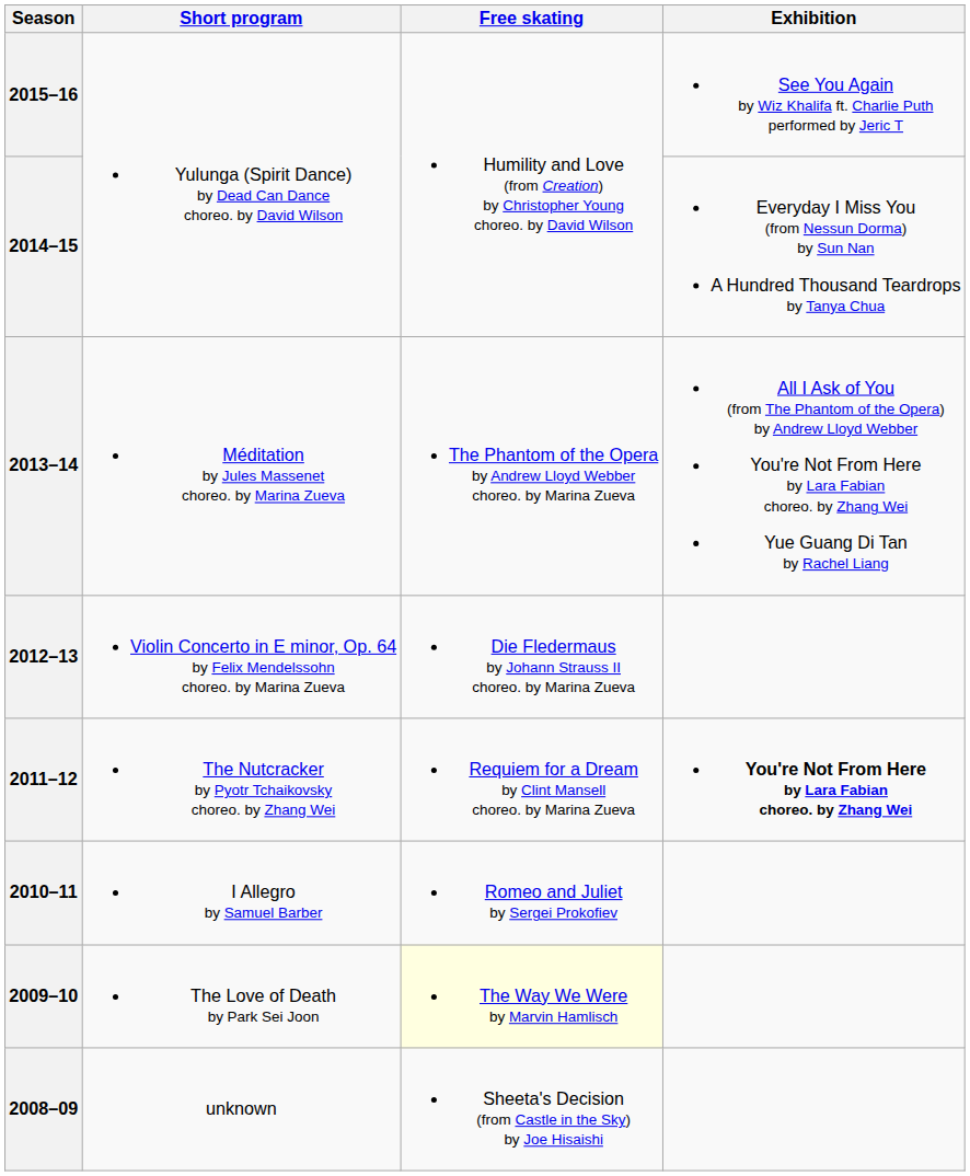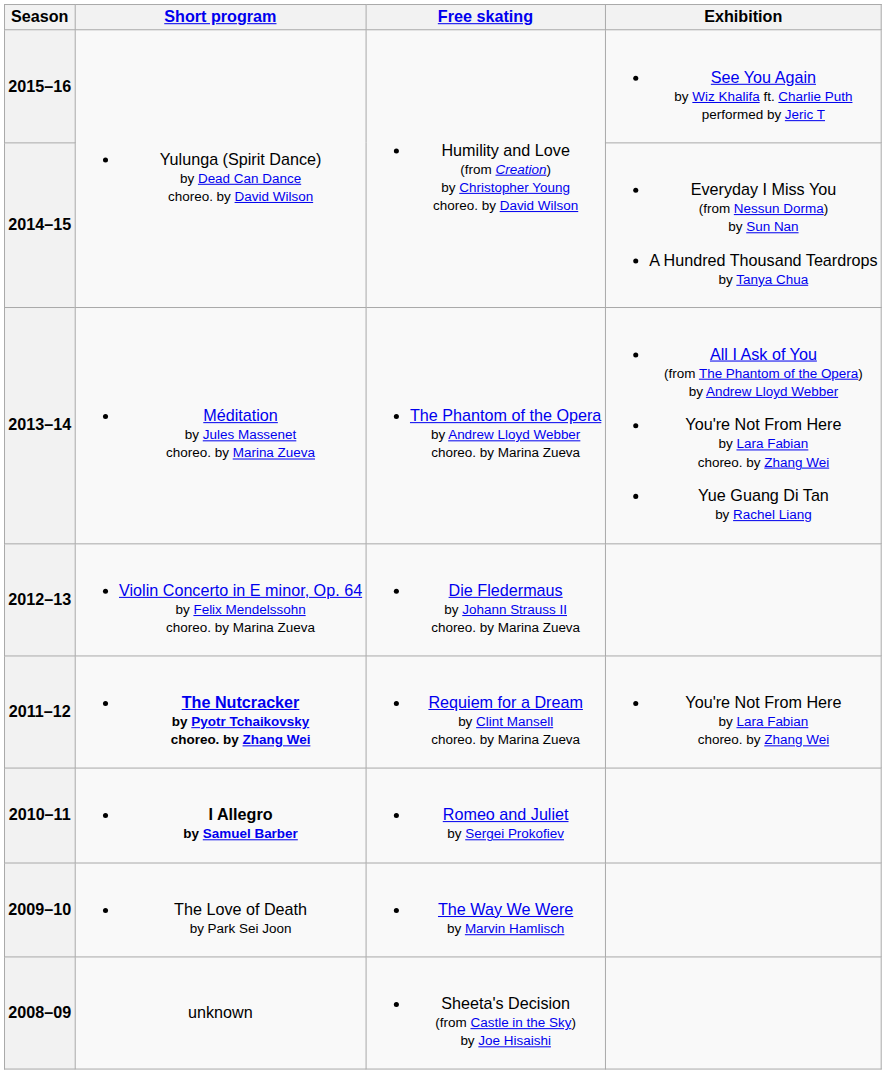 <table class="wikitable" style="text-align:center">
 <tr>
 <th>Season</th>
 <th><a href='#'>Short program</a></th>
 <th><a href='#'>Free skating</a></th>
 <th>Exhibition</th>
 </tr>
 <tr>
 <th>2015–16 <br></th>
 <td rowspan=2><br><ul><li>Yulunga (Spirit Dance) <br><small> by <a href='#'>Dead Can Dance</a> <br> choreo. by <a href='#'>David Wilson</a> </small></li></ul></td>
 <td rowspan=2><br><ul><li>Humility and Love <br><small> (from <em><a href='#'>Creation</a></em>) <br> by <a href='#'>Christopher Young</a> <br> choreo. by <a href='#'>David Wilson</a> </small></li></ul></td>
 <td><br><ul><li><a href='#'>See You Again</a> <br><small> by <a href='#'>Wiz Khalifa</a> ft. <a href='#'>Charlie Puth</a> <br> performed by <a href='#'>Jeric T</a> </small></li></ul></td>
 </tr>
 <tr>
 <th>2014–15 <br></th>
 <td><br><ul><li>Everyday I Miss You <br><small> (from <a href='#'>Nessun Dorma</a>) <br> by <a href='#'>Sun Nan</a></small></li></ul><ul><li>A Hundred Thousand Teardrops <br><small> by <a href='#'>Tanya Chua</a> </small></li></ul></td>
 </tr>
 <tr>
 <th>2013–14 <br> </th>
 <td><br><ul><li><a href='#'>Méditation</a> <br><small> by <a href='#'>Jules Massenet</a> <br> choreo. by <a href='#'>Marina Zueva</a> </small></li></ul></td>
 <td><br><ul><li><a href='#'>The Phantom of the Opera</a> <br><small>  by <a href='#'>Andrew Lloyd Webber</a> <br> choreo. by Marina Zueva </small></li></ul></td>
 <td><br><ul><li><a href='#'>All I Ask of You</a> <br><small> (from <a href='#'>The Phantom of the Opera</a>) <br> by <a href='#'>Andrew Lloyd Webber</a> </small></li></ul><ul><li>You're Not From Here <br><small> by <a href='#'>Lara Fabian</a> <br> choreo. by <a href='#'>Zhang Wei</a> </small></li></ul><ul><li>Yue Guang Di Tan <br><small> by <a href='#'>Rachel Liang</a> </small></li></ul></td>
 </tr>
 <tr>
 <th>2012–13 <br> </th>
 <td><br><ul><li><a href='#'>Violin Concerto in E minor, Op. 64</a> <br><small> by <a href='#'>Felix Mendelssohn</a> <br> choreo. by Marina Zueva </small></li></ul></td>
 <td><br><ul><li><a href='#'>Die Fledermaus</a> <br><small> by <a href='#'>Johann Strauss II</a> <br> choreo. by Marina Zueva </small></li></ul></td>
 <td></td>
 </tr>
 <tr>
 <th>2011–12 <br> </th>
-<td><br><ul><li><a href='#'>The Nutcracker</a> <br><small> by <a href='#'>Pyotr Tchaikovsky</a> <br> choreo. by <a href='#'>Zhang Wei</a> </small></li></ul></td>
+<td><strong><br><ul><li><a href='#'>The Nutcracker</a> <br><small> by <a href='#'>Pyotr Tchaikovsky</a> <br> choreo. by <a href='#'>Zhang Wei</a> </small></li></ul></strong></td>
 <td><br><ul><li><a href='#'>Requiem for a Dream</a> <br><small> by <a href='#'>Clint Mansell</a> <br> choreo. by Marina Zueva </small></li></ul></td>
-<td><strong><br><ul><li>You're Not From Here <br><small> by <a href='#'>Lara Fabian</a> <br> choreo. by <a href='#'>Zhang Wei</a> </small></li></ul></strong></td>
+<td><br><ul><li>You're Not From Here <br><small> by <a href='#'>Lara Fabian</a> <br> choreo. by <a href='#'>Zhang Wei</a> </small></li></ul></td>
 </tr>
 <tr>
 <th>2010–11 <br> </th>
-<td><br><ul><li>I Allegro <br><small> by <a href='#'>Samuel Barber</a> </small></li></ul></td>
+<td><strong><br><ul><li>I Allegro <br><small> by <a href='#'>Samuel Barber</a> </small></li></ul></strong></td>
 <td><br><ul><li><a href='#'>Romeo and Juliet</a> <br><small> by <a href='#'>Sergei Prokofiev</a> </small></li></ul></td>
 <td></td>
 </tr>
 <tr>
 <th>2009–10 <br> </th>
 <td><br><ul><li>The Love of Death <br><small> by Park Sei Joon </small></li></ul></td>
-<td style="background: lightyellow;"><br><ul><li><a href='#'>The Way We Were</a> <br><small> by <a href='#'>Marvin Hamlisch</a> </small></li></ul></td>
+<td><br><ul><li><a href='#'>The Way We Were</a> <br><small> by <a href='#'>Marvin Hamlisch</a> </small></li></ul></td>
 <td></td>
 </tr>
 <tr>
 <th>2008–09</th>
 <td align="center">unknown</td>
 <td><br><ul><li>Sheeta's Decision <br><small> (from <a href='#'>Castle in the Sky</a>) <br> by <a href='#'>Joe Hisaishi</a> </small></li></ul></td>
 <td></td>
 </tr>
 </table>
